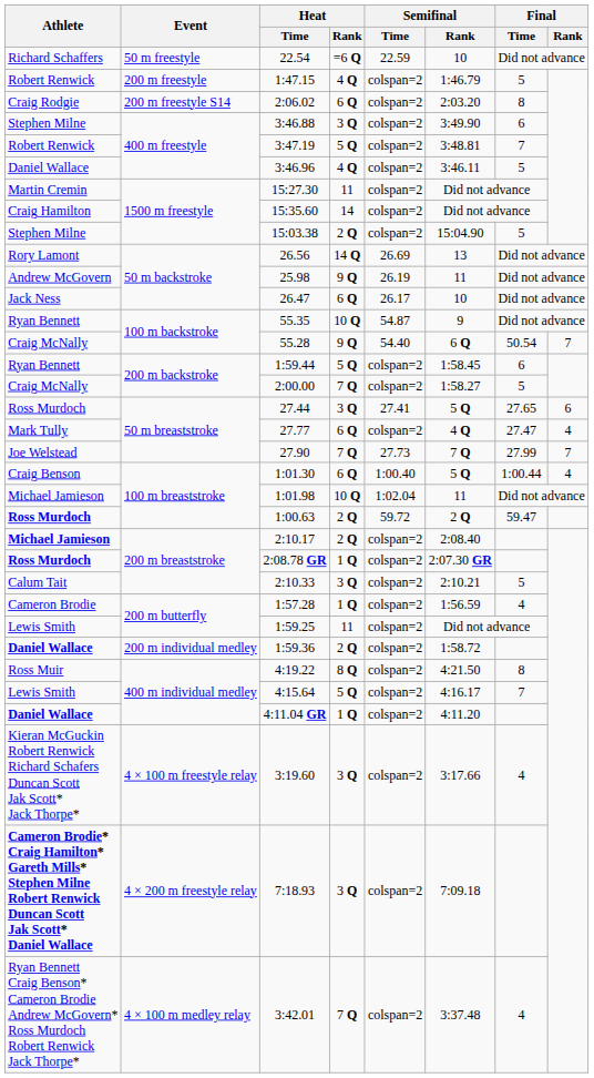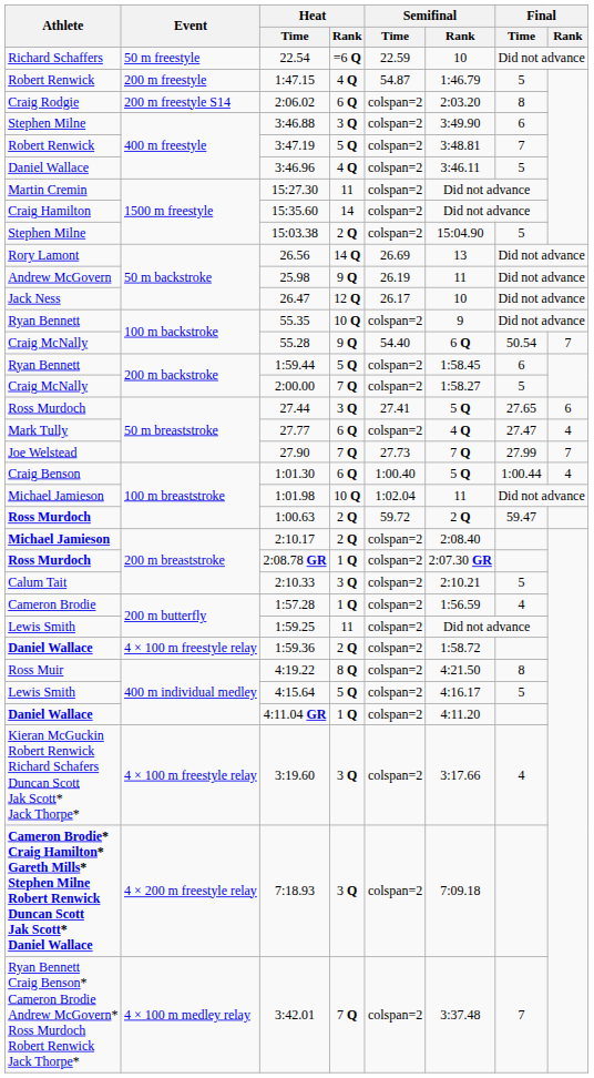 <table class=wikitable style=font-size:90%>
 <tr>
 <th rowspan=2>Athlete</th>
 <th rowspan=2>Event</th>
 <th colspan=2>Heat</th>
 <th colspan=2>Semifinal</th>
 <th colspan=2>Final</th>
 </tr>
 <tr style=font-size:95%>
 <th>Time</th>
 <th>Rank</th>
 <th>Time</th>
 <th>Rank</th>
 <th>Time</th>
 <th>Rank</th>
 </tr>
 <tr align=center>
 <td align=left><a href='#'>Richard Schaffers</a></td>
 <td align=left><a href='#'>50 m freestyle</a></td>
 <td>22.54</td>
 <td>=6 <strong>Q</strong></td>
 <td>22.59</td>
 <td>10</td>
 <td colspan=2>Did not advance</td>
 </tr>
 <tr align=center>
 <td align=left><a href='#'>Robert Renwick</a></td>
 <td align=left><a href='#'>200 m freestyle</a></td>
 <td>1:47.15</td>
 <td>4 <strong>Q</strong></td>
-<td>colspan=2 </td>
+<td>54.87</td>
 <td>1:46.79</td>
 <td>5</td>
 </tr>
 <tr align=center>
 <td align=left><a href='#'>Craig Rodgie</a></td>
 <td align=left><a href='#'>200 m freestyle S14</a></td>
 <td>2:06.02</td>
 <td>6 <strong>Q</strong></td>
 <td>colspan=2 </td>
 <td>2:03.20</td>
 <td>8</td>
 </tr>
 <tr align=center>
 <td align=left><a href='#'>Stephen Milne</a></td>
 <td align=left rowspan=3><a href='#'>400 m freestyle</a></td>
 <td>3:46.88</td>
 <td>3 <strong>Q</strong></td>
 <td>colspan=2 </td>
 <td>3:49.90</td>
 <td>6</td>
 </tr>
 <tr align=center>
 <td align=left><a href='#'>Robert Renwick</a></td>
 <td>3:47.19</td>
 <td>5 <strong>Q</strong></td>
 <td>colspan=2 </td>
 <td>3:48.81</td>
 <td>7</td>
 </tr>
 <tr align=center>
 <td align=left><a href='#'>Daniel Wallace</a></td>
 <td>3:46.96</td>
 <td>4 <strong>Q</strong></td>
 <td>colspan=2 </td>
 <td>3:46.11</td>
 <td>5</td>
 </tr>
 <tr align=center>
 <td align=left><a href='#'>Martin Cremin</a></td>
 <td align=left rowspan=3><a href='#'>1500 m freestyle</a></td>
 <td>15:27.30</td>
 <td>11</td>
 <td>colspan=2 </td>
 <td colspan=2>Did not advance</td>
 </tr>
 <tr align=center>
 <td align=left><a href='#'>Craig Hamilton</a></td>
 <td>15:35.60</td>
 <td>14</td>
 <td>colspan=2 </td>
 <td colspan=2>Did not advance</td>
 </tr>
 <tr align=center>
 <td align=left><a href='#'>Stephen Milne</a></td>
 <td>15:03.38</td>
 <td>2 <strong>Q</strong></td>
 <td>colspan=2 </td>
 <td>15:04.90</td>
 <td>5</td>
 </tr>
 <tr align=center>
 <td align=left><a href='#'>Rory Lamont</a></td>
 <td align=left rowspan=3><a href='#'>50 m backstroke</a></td>
 <td>26.56</td>
 <td>14 <strong>Q</strong></td>
 <td>26.69</td>
 <td>13</td>
 <td colspan=2>Did not advance</td>
 </tr>
 <tr align=center>
 <td align=left><a href='#'>Andrew McGovern</a></td>
 <td>25.98</td>
 <td>9 <strong>Q</strong></td>
 <td>26.19</td>
 <td>11</td>
 <td colspan=2>Did not advance</td>
 </tr>
 <tr align=center>
 <td align=left><a href='#'>Jack Ness</a></td>
 <td>26.47</td>
-<td>6 <strong>Q</strong></td>
+<td>12 <strong>Q</strong></td>
 <td>26.17</td>
 <td>10</td>
 <td colspan=2>Did not advance</td>
 </tr>
 <tr align=center>
 <td align=left><a href='#'>Ryan Bennett</a></td>
 <td align=left rowspan=2><a href='#'>100 m backstroke</a></td>
 <td>55.35</td>
 <td>10 <strong>Q</strong></td>
-<td>54.87</td>
+<td>colspan=2 </td>
 <td>9</td>
 <td colspan=2>Did not advance</td>
 </tr>
 <tr align=center>
 <td align=left><a href='#'>Craig McNally</a></td>
 <td>55.28</td>
 <td>9 <strong>Q</strong></td>
 <td>54.40</td>
 <td>6 <strong>Q</strong></td>
 <td>50.54</td>
 <td>7</td>
 </tr>
 <tr align=center>
 <td align=left><a href='#'>Ryan Bennett</a></td>
 <td align=left rowspan=2><a href='#'>200 m backstroke</a></td>
 <td>1:59.44</td>
 <td>5 <strong>Q</strong></td>
 <td>colspan=2 </td>
 <td>1:58.45</td>
 <td>6</td>
 </tr>
 <tr align=center>
 <td align=left><a href='#'>Craig McNally</a></td>
 <td>2:00.00</td>
 <td>7 <strong>Q</strong></td>
 <td>colspan=2 </td>
 <td>1:58.27</td>
 <td>5</td>
 </tr>
 <tr align=center>
 <td align=left><a href='#'>Ross Murdoch</a></td>
 <td align=left rowspan=3><a href='#'>50 m breaststroke</a></td>
 <td>27.44</td>
 <td>3 <strong>Q</strong></td>
 <td>27.41</td>
 <td>5 <strong>Q</strong></td>
 <td>27.65</td>
 <td>6</td>
 </tr>
 <tr align=center>
 <td align=left><a href='#'>Mark Tully</a></td>
 <td>27.77</td>
 <td>6 <strong>Q</strong></td>
 <td>colspan=2 </td>
 <td>4 <strong>Q</strong></td>
 <td>27.47</td>
 <td>4</td>
 </tr>
 <tr align=center>
 <td align=left><a href='#'>Joe Welstead</a></td>
 <td>27.90</td>
 <td>7 <strong>Q</strong></td>
 <td>27.73</td>
 <td>7 <strong>Q</strong></td>
 <td>27.99</td>
 <td>7</td>
 </tr>
 <tr align=center>
 <td align=left><a href='#'>Craig Benson</a></td>
 <td align=left rowspan=3><a href='#'>100 m breaststroke</a></td>
 <td>1:01.30</td>
 <td>6 <strong>Q</strong></td>
 <td>1:00.40</td>
 <td>5 <strong>Q</strong></td>
 <td>1:00.44</td>
 <td>4</td>
 </tr>
 <tr align=center>
 <td align=left><a href='#'>Michael Jamieson</a></td>
 <td>1:01.98</td>
 <td>10 <strong>Q</strong></td>
 <td>1:02.04</td>
 <td>11</td>
 <td colspan=2>Did not advance</td>
 </tr>
 <tr align=center>
 <td align=left><strong><a href='#'>Ross Murdoch</a></strong></td>
 <td>1:00.63</td>
 <td>2 <strong>Q</strong></td>
 <td>59.72</td>
 <td>2 <strong>Q</strong></td>
 <td>59.47</td>
 <td></td>
 </tr>
 <tr align=center>
 <td align=left><strong><a href='#'>Michael Jamieson</a></strong></td>
 <td align=left rowspan=3><a href='#'>200 m breaststroke</a></td>
 <td>2:10.17</td>
 <td>2 <strong>Q</strong></td>
 <td>colspan=2 </td>
 <td>2:08.40</td>
 <td></td>
 </tr>
 <tr align=center>
 <td align=left><strong><a href='#'>Ross Murdoch</a></strong></td>
 <td>2:08.78 <strong><a href='#'>GR</a></strong></td>
 <td>1 <strong>Q</strong></td>
 <td>colspan=2 </td>
 <td>2:07.30 <strong><a href='#'>GR</a></strong></td>
 <td></td>
 </tr>
 <tr align=center>
 <td align=left><a href='#'>Calum Tait</a></td>
 <td>2:10.33</td>
 <td>3 <strong>Q</strong></td>
 <td>colspan=2 </td>
 <td>2:10.21</td>
 <td>5</td>
 </tr>
 <tr align=center>
 <td align=left><a href='#'>Cameron Brodie</a></td>
 <td align=left rowspan=2><a href='#'>200 m butterfly</a></td>
 <td>1:57.28</td>
 <td>1 <strong>Q</strong></td>
 <td>colspan=2 </td>
 <td>1:56.59</td>
 <td>4</td>
 </tr>
 <tr align=center>
 <td align=left><a href='#'>Lewis Smith</a></td>
 <td>1:59.25</td>
 <td>11</td>
 <td>colspan=2 </td>
 <td colspan=2>Did not advance</td>
 </tr>
 <tr align=center>
 <td align=left><strong><a href='#'>Daniel Wallace</a></strong></td>
-<td align=left><a href='#'>200 m individual medley</a></td>
+<td align=left><a href='#'>4 × 100 m freestyle relay</a></td>
 <td>1:59.36</td>
 <td>2 <strong>Q</strong></td>
 <td>colspan=2 </td>
 <td>1:58.72</td>
 <td></td>
 </tr>
 <tr align=center>
 <td align=left><a href='#'>Ross Muir</a></td>
 <td align=left rowspan=3><a href='#'>400 m individual medley</a></td>
 <td>4:19.22</td>
 <td>8 <strong>Q</strong></td>
 <td>colspan=2 </td>
 <td>4:21.50</td>
 <td>8</td>
 </tr>
 <tr align=center>
 <td align=left><a href='#'>Lewis Smith</a></td>
 <td>4:15.64</td>
 <td>5 <strong>Q</strong></td>
 <td>colspan=2 </td>
 <td>4:16.17</td>
-<td>7</td>
+<td>5</td>
 </tr>
 <tr align=center>
 <td align=left><strong><a href='#'>Daniel Wallace</a></strong></td>
 <td>4:11.04 <strong><a href='#'>GR</a></strong></td>
 <td>1 <strong>Q</strong></td>
 <td>colspan=2 </td>
 <td>4:11.20</td>
 <td></td>
 </tr>
 <tr align=center>
 <td align=left><a href='#'>Kieran McGuckin</a><br><a href='#'>Robert Renwick</a><br><a href='#'>Richard Schafers</a><br><a href='#'>Duncan Scott</a><br><a href='#'>Jak Scott</a>*<br><a href='#'>Jack Thorpe</a>*</td>
 <td align=left><a href='#'>4 × 100 m freestyle relay</a></td>
 <td>3:19.60</td>
 <td>3 <strong>Q</strong></td>
 <td>colspan=2 </td>
 <td>3:17.66</td>
 <td>4</td>
 </tr>
 <tr align=center>
 <td align=left><strong><a href='#'>Cameron Brodie</a>*<br><a href='#'>Craig Hamilton</a>*<br><a href='#'>Gareth Mills</a>*<br><a href='#'>Stephen Milne</a><br><a href='#'>Robert Renwick</a><br><a href='#'>Duncan Scott</a><br><a href='#'>Jak Scott</a>*<br><a href='#'>Daniel Wallace</a></strong></td>
 <td align=left><a href='#'>4 × 200 m freestyle relay</a></td>
 <td>7:18.93</td>
 <td>3 <strong>Q</strong></td>
 <td>colspan=2 </td>
 <td>7:09.18</td>
 <td></td>
 </tr>
 <tr align=center>
 <td align=left><a href='#'>Ryan Bennett</a><br><a href='#'>Craig Benson</a>*<br><a href='#'>Cameron Brodie</a><br><a href='#'>Andrew McGovern</a>*<br><a href='#'>Ross Murdoch</a><br><a href='#'>Robert Renwick</a><br><a href='#'>Jack Thorpe</a>*</td>
 <td align=left><a href='#'>4 × 100 m medley relay</a></td>
 <td>3:42.01</td>
 <td>7 <strong>Q</strong></td>
 <td>colspan=2 </td>
 <td>3:37.48</td>
-<td>4</td>
+<td>7</td>
 </tr>
 </table>
